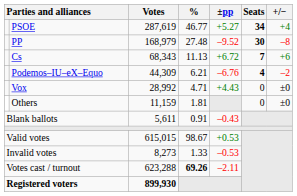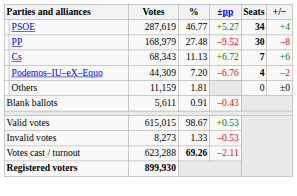 <table class="wikitable" style="text-align:right;">
 <tr>
 <th style="text-align:left;" colspan="2" width="200">Parties and alliances</th>
 <th width="75">Votes</th>
 <th width="45">%</th>
 <th width="45">±<a href='#'>pp</a></th>
 <th width="35">Seats</th>
 <th width="35">+/−</th>
 </tr>
 <tr>
 <td width="1" style="color:inherit;background:"></td>
 <td align="left"><a href='#'>PSOE</a></td>
 <td>287,619</td>
 <td>46.77</td>
 <td style="color:green;">+5.27</td>
 <td><strong>34</strong></td>
 <td style="color:green;">+4</td>
 </tr>
 <tr>
 <td style="color:inherit;background:"></td>
 <td align="left"><a href='#'>PP</a></td>
 <td>168,979</td>
 <td>27.48</td>
 <td style="color:red;">–9.52</td>
 <td><strong>30</strong></td>
 <td style="color:red;">–8</td>
 </tr>
 <tr>
 <td style="color:inherit;background:"></td>
 <td align="left"><a href='#'>Cs</a></td>
 <td>68,343</td>
 <td>11.13</td>
 <td style="color:green;">+6.72</td>
 <td><strong>7</strong></td>
 <td style="color:green;">+6</td>
 </tr>
 <tr>
 <td style="color:inherit;background:"></td>
 <td align="left"><a href='#'>Podemos–IU–eX–Equo</a></td>
 <td>44,309</td>
-<td>6.21</td>
+<td>7.20</td>
 <td style="color:red;">–6.76</td>
 <td><strong>4</strong></td>
 <td style="color:red;">–2</td>
-</tr>
-<tr>
-<td style="color:inherit;background:"></td>
-<td align="left"><a href='#'>Vox</a></td>
-<td>28,992</td>
-<td>4.71</td>
-<td style="color:green;">+4.43</td>
-<td>0</td>
-<td>±0</td>
 </tr>
 <tr>
 <td bgcolor="white"></td>
 <td align="left">Others</td>
 <td>11,159</td>
 <td>1.81</td>
 <td bgcolor="#E9E9E9"></td>
 <td>0</td>
 <td>±0</td>
 </tr>
 <tr>
 <td align="left" colspan="2">Blank ballots</td>
 <td>5,611</td>
 <td>0.91</td>
 <td style="color:red;">–0.43</td>
 <td bgcolor="#E9E9E9" colspan="2"></td>
 </tr>
 <tr>
 <td colspan="7" bgcolor="#E9E9E9"></td>
 </tr>
 <tr>
 <td align="left" colspan="2">Valid votes</td>
 <td>615,015</td>
 <td>98.67</td>
 <td style="color:green;">+0.53</td>
 <td bgcolor="#E9E9E9" colspan="2" rowspan="4"></td>
 </tr>
 <tr>
 <td align="left" colspan="2">Invalid votes</td>
 <td>8,273</td>
 <td>1.33</td>
 <td style="color:red;">–0.53</td>
 </tr>
 <tr>
 <td align="left" colspan="2">Votes cast / turnout</td>
 <td>623,288</td>
 <td><strong>69.26</strong></td>
 <td style="color:red;">–2.11</td>
 </tr>
 <tr style="font-weight:bold;">
 <td align="left" colspan="2">Registered voters</td>
 <td>899,930</td>
 <td bgcolor="#E9E9E9" colspan="2"></td>
 </tr>
 </table>
